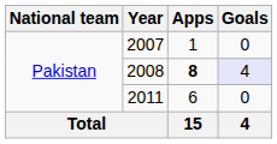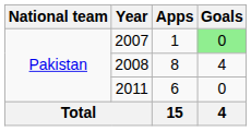 <table class=wikitable style="text-align: center">
 <tr>
 <th>National team</th>
 <th>Year</th>
 <th>Apps</th>
 <th>Goals</th>
 </tr>
 <tr>
 <td rowspan="3"><a href='#'>Pakistan</a></td>
 <td>2007</td>
 <td>1</td>
-<td>0</td>
+<td style="background: lightgreen;">0</td>
 </tr>
 <tr>
 <td>2008</td>
-<td><strong>8</strong></td>
-<td style="background: lavender;">4</td>
+<td>8</td>
+<td>4</td>
 </tr>
 <tr>
 <td>2011</td>
 <td>6</td>
 <td>0</td>
 </tr>
 <tr>
 <th colspan="2">Total</th>
 <th>15</th>
 <th>4</th>
 </tr>
 </table>
